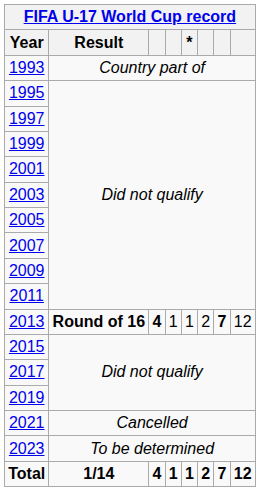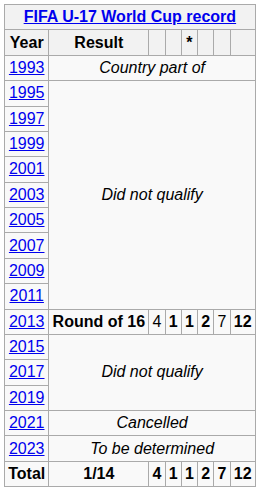 <table class="wikitable" style="text-align: center;">
 <tr>
 <th colspan=8><a href='#'>FIFA U-17 World Cup record</a></th>
 </tr>
 <tr>
 <th>Year</th>
 <th>Result</th>
 <th></th>
 <th></th>
 <th> *</th>
 <th></th>
 <th></th>
 <th></th>
 </tr>
 <tr>
 <td> <a href='#'>1993</a></td>
 <td rowspan="1" colspan="7"><em>Country part of </em></td>
 </tr>
 <tr>
 <td> <a href='#'>1995</a></td>
 <td rowspan="9" colspan="7"><em>Did not qualify</em></td>
 </tr>
 <tr>
 <td> <a href='#'>1997</a></td>
 </tr>
 <tr>
 <td> <a href='#'>1999</a></td>
 </tr>
 <tr>
 <td> <a href='#'>2001</a></td>
 </tr>
 <tr>
 <td> <a href='#'>2003</a></td>
 </tr>
 <tr>
 <td> <a href='#'>2005</a></td>
 </tr>
 <tr>
 <td> <a href='#'>2007</a></td>
 </tr>
 <tr>
 <td> <a href='#'>2009</a></td>
 </tr>
 <tr>
 <td> <a href='#'>2011</a></td>
 </tr>
 <tr>
 <td> <a href='#'>2013</a></td>
 <td><strong>Round of 16</strong></td>
-<td><strong>4</strong></td>
-<td>1</td>
-<td>1</td>
-<td>2</td>
-<td><strong>7</strong></td>
-<td>12</td>
+<td>4</td>
+<td><strong>1</strong></td>
+<td><strong>1</strong></td>
+<td><strong>2</strong></td>
+<td>7</td>
+<td><strong>12</strong></td>
 </tr>
 <tr>
 <td> <a href='#'>2015</a></td>
 <td rowspan="3" colspan=7><em>Did not qualify</em></td>
 </tr>
 <tr>
 <td> <a href='#'>2017</a></td>
 </tr>
 <tr>
 <td> <a href='#'>2019</a></td>
 </tr>
 <tr>
 <td> <a href='#'>2021</a></td>
 <td colspan=7><em>Cancelled</em></td>
 </tr>
 <tr>
 <td> <a href='#'>2023</a></td>
 <td colspan=7><em>To be determined</em></td>
 </tr>
 <tr>
 <td><strong>Total</strong></td>
 <td><strong>1/14</strong></td>
 <td><strong>4</strong></td>
 <td><strong>1</strong></td>
 <td><strong>1</strong></td>
 <td><strong>2</strong></td>
 <td><strong>7</strong></td>
 <td><strong>12</strong></td>
 </tr>
 </table>
